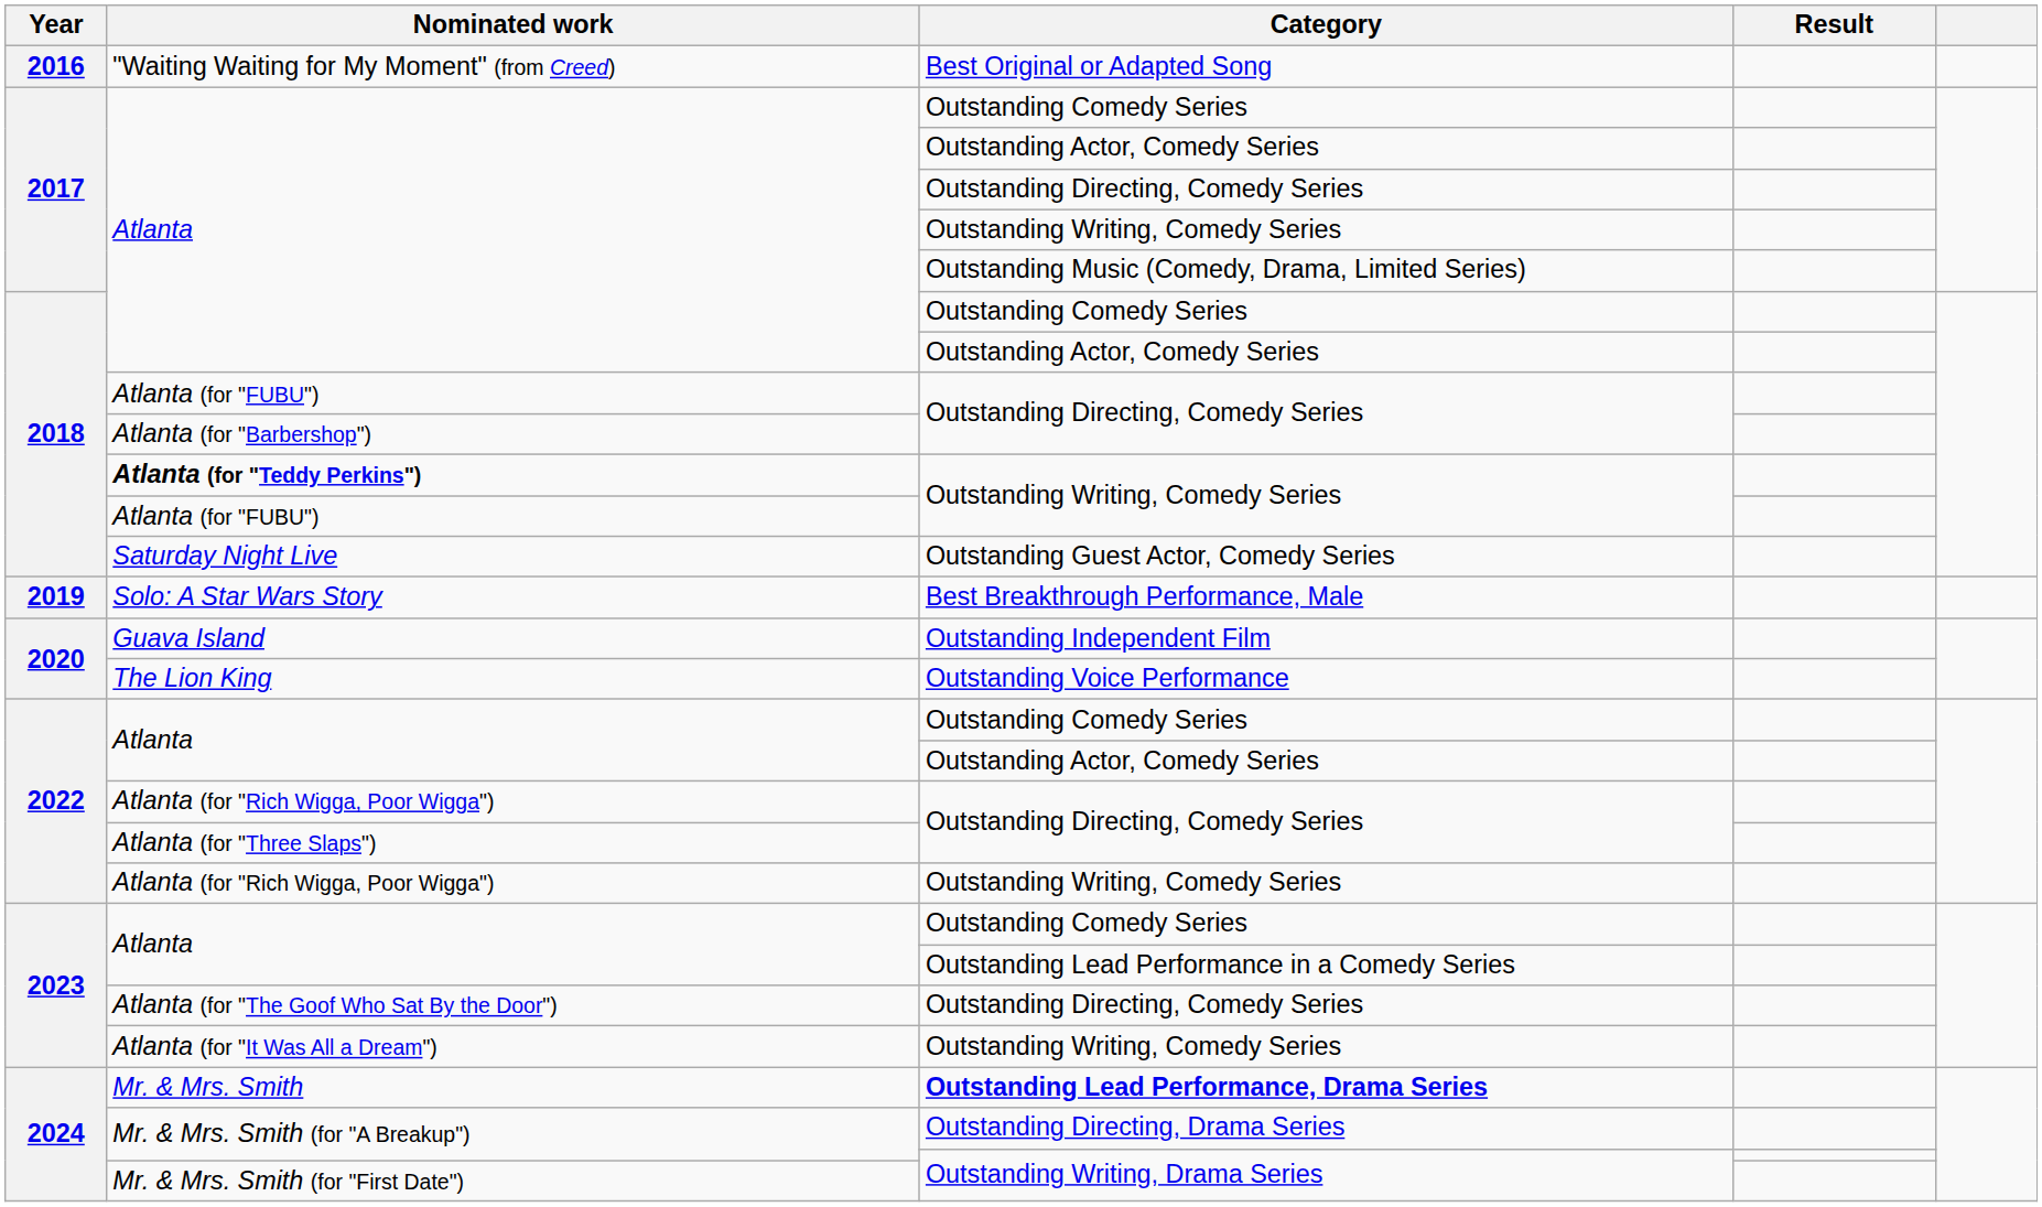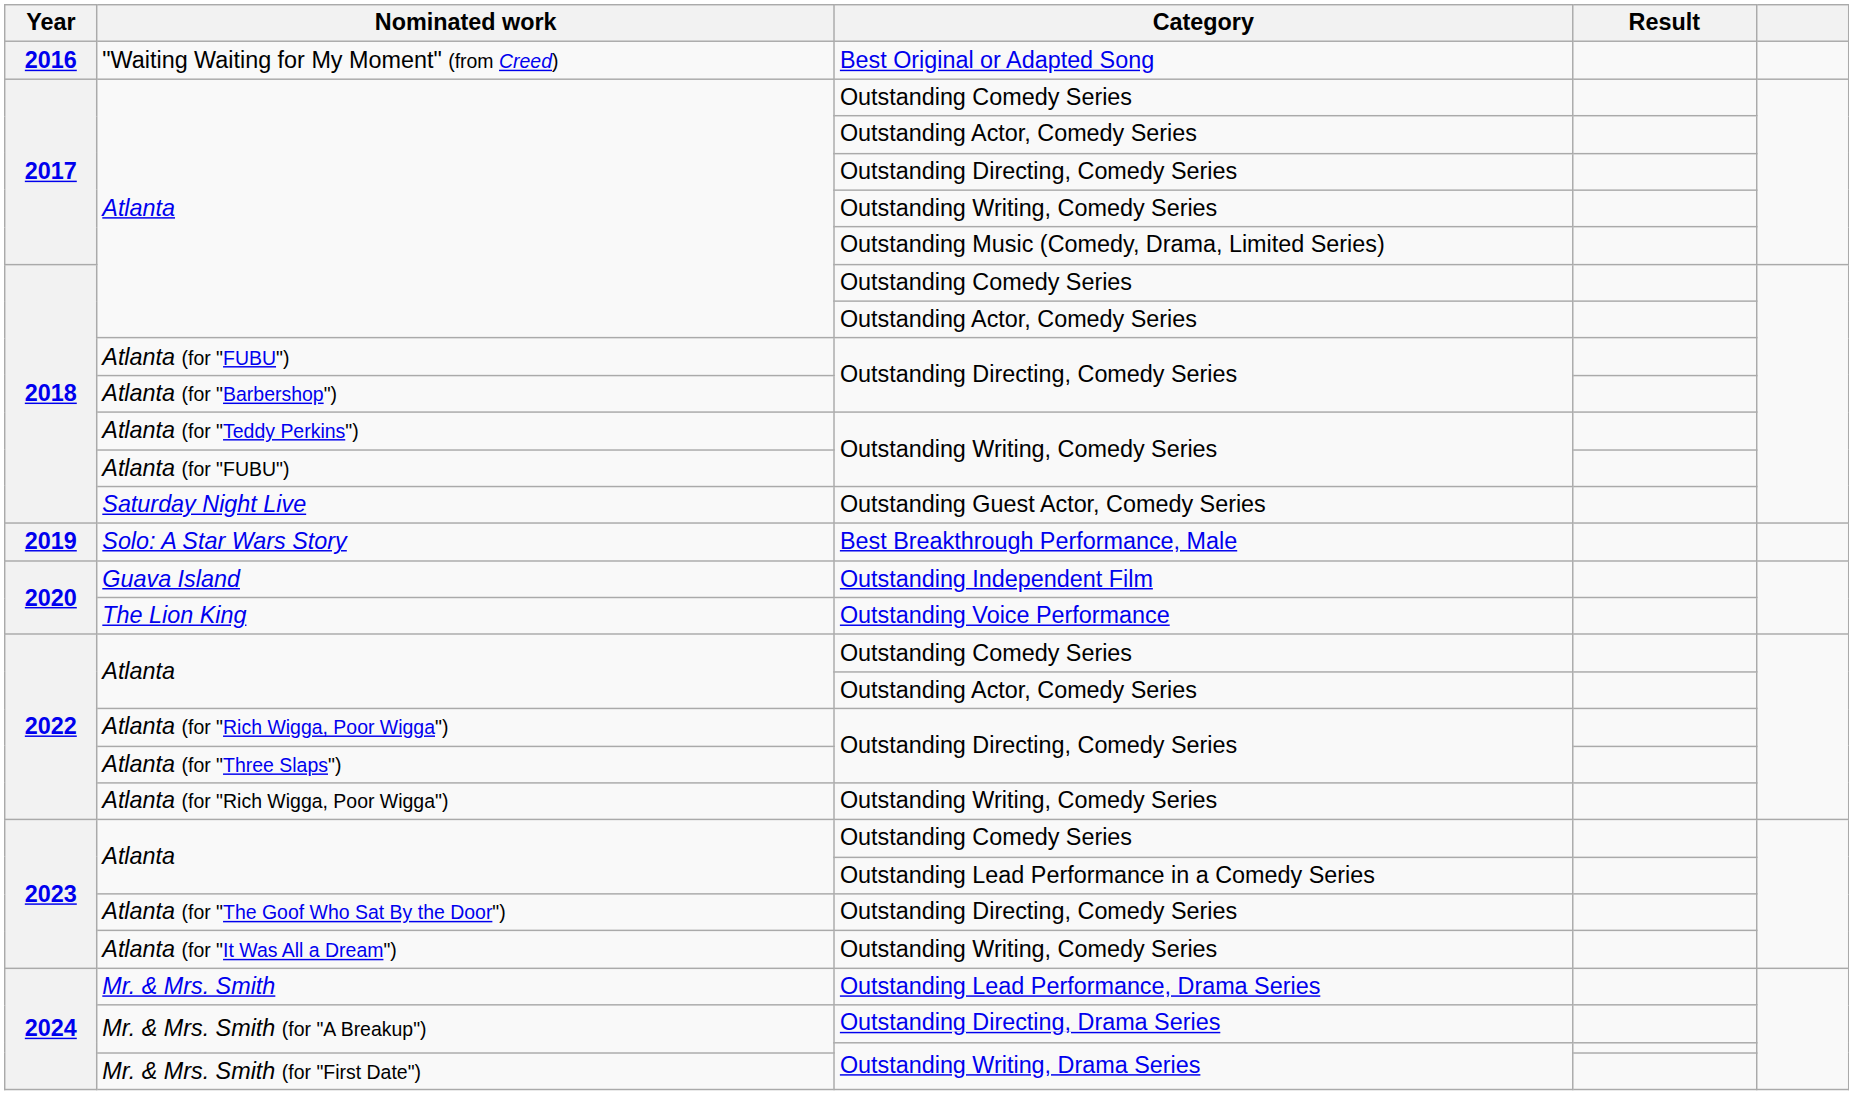 <table class="wikitable plainrowheaders" style="width:100%;">
 <tr>
 <th scope="col" style="width:5%;">Year</th>
 <th scope="col" style="width:40%;">Nominated work</th>
 <th scope="col" style="width:40%;">Category</th>
 <th scope="col" style="width:10%;">Result</th>
 <th scope="col" style="width:5%;"></th>
 </tr>
 <tr>
 <th scope="row" style="text-align:center;"><a href='#'>2016</a></th>
 <td>"Waiting Waiting for My Moment" <small>(from <em><a href='#'>Creed</a></em>)</small></td>
 <td><a href='#'>Best Original or Adapted Song</a></td>
 <td></td>
 <td style="text-align:center;"></td>
 </tr>
 <tr>
 <th scope="row" style="text-align:center;" rowspan=5><a href='#'>2017</a></th>
 <td rowspan=7><em><a href='#'>Atlanta</a></em></td>
 <td>Outstanding Comedy Series</td>
 <td></td>
 <td style="text-align:center;" rowspan=5></td>
 </tr>
 <tr>
 <td>Outstanding Actor, Comedy Series</td>
 <td></td>
 </tr>
 <tr>
 <td>Outstanding Directing, Comedy Series</td>
 <td></td>
 </tr>
 <tr>
 <td>Outstanding Writing, Comedy Series</td>
 <td></td>
 </tr>
 <tr>
 <td>Outstanding Music (Comedy, Drama, Limited Series)</td>
 <td></td>
 </tr>
 <tr>
 <th scope="row" style="text-align:center;" rowspan=7><a href='#'>2018</a></th>
 <td>Outstanding Comedy Series</td>
 <td></td>
 <td style="text-align:center;" rowspan=7></td>
 </tr>
 <tr>
 <td>Outstanding Actor, Comedy Series</td>
 <td></td>
 </tr>
 <tr>
 <td><em>Atlanta</em> <small>(for "<a href='#'>FUBU</a>")</small></td>
 <td rowspan=2>Outstanding Directing, Comedy Series</td>
 <td></td>
 </tr>
 <tr>
 <td><em>Atlanta</em> <small>(for "<a href='#'>Barbershop</a>")</small></td>
 <td></td>
 </tr>
 <tr>
-<td><strong><em>Atlanta</em> <small>(for "<a href='#'>Teddy Perkins</a>")</small></strong></td>
+<td><em>Atlanta</em> <small>(for "<a href='#'>Teddy Perkins</a>")</small></td>
 <td rowspan="2">Outstanding Writing, Comedy Series</td>
 <td></td>
 </tr>
 <tr>
 <td><em>Atlanta</em> <small>(for "FUBU")</small></td>
 <td></td>
 </tr>
 <tr>
 <td><em><a href='#'>Saturday Night Live</a></em></td>
 <td>Outstanding Guest Actor, Comedy Series</td>
 <td></td>
 </tr>
 <tr>
 <th scope="row" style="text-align:center;"><a href='#'>2019</a></th>
 <td><em><a href='#'>Solo: A Star Wars Story</a></em></td>
 <td><a href='#'>Best Breakthrough Performance, Male</a></td>
 <td></td>
 <td style="text-align:center;"></td>
 </tr>
 <tr>
 <th scope="row" style="text-align:center;" rowspan="2"><a href='#'>2020</a></th>
 <td><em><a href='#'>Guava Island</a></em></td>
 <td><a href='#'>Outstanding Independent Film</a></td>
 <td></td>
 <td style="text-align:center;" rowspan="2"></td>
 </tr>
 <tr>
 <td><em><a href='#'>The Lion King</a></em></td>
 <td><a href='#'>Outstanding Voice Performance</a></td>
 <td></td>
 </tr>
 <tr>
 <th scope="row" style="text-align:center;" rowspan="5"><a href='#'>2022</a></th>
 <td rowspan="2"><em>Atlanta</em></td>
 <td>Outstanding Comedy Series</td>
 <td></td>
 <td style="text-align:center;" rowspan="5"></td>
 </tr>
 <tr>
 <td>Outstanding Actor, Comedy Series</td>
 <td></td>
 </tr>
 <tr>
 <td><em>Atlanta</em> <small>(for "<a href='#'>Rich Wigga, Poor Wigga</a>")</small></td>
 <td rowspan="2">Outstanding Directing, Comedy Series</td>
 <td></td>
 </tr>
 <tr>
 <td><em>Atlanta</em> <small>(for "<a href='#'>Three Slaps</a>")</small></td>
 <td></td>
 </tr>
 <tr>
 <td><em>Atlanta</em> <small>(for "Rich Wigga, Poor Wigga")</small></td>
 <td>Outstanding Writing, Comedy Series</td>
 <td></td>
 </tr>
 <tr>
 <th scope="row" style="text-align:center;" rowspan="4"><a href='#'>2023</a></th>
 <td rowspan="2"><em>Atlanta</em></td>
 <td>Outstanding Comedy Series</td>
 <td></td>
 <td style="text-align:center;" rowspan="4"><br></td>
 </tr>
 <tr>
 <td>Outstanding Lead Performance in a Comedy Series</td>
 <td></td>
 </tr>
 <tr>
 <td><em>Atlanta</em> <small>(for "<a href='#'>The Goof Who Sat By the Door</a>")</small></td>
 <td>Outstanding Directing, Comedy Series</td>
 <td></td>
 </tr>
 <tr>
 <td><em>Atlanta</em> <small>(for "<a href='#'>It Was All a Dream</a>")</small></td>
 <td>Outstanding Writing, Comedy Series</td>
 <td></td>
 </tr>
 <tr>
 <th scope="row" style="text-align:center;" rowspan="4"><a href='#'>2024</a></th>
 <td><em><a href='#'>Mr. & Mrs. Smith</a></em></td>
-<td><strong><a href='#'>Outstanding Lead Performance, Drama Series</a></strong></td>
+<td><a href='#'>Outstanding Lead Performance, Drama Series</a></td>
 <td></td>
 <td style="text-align:center;" rowspan="4"></td>
 </tr>
 <tr>
 <td rowspan="2"><em>Mr. & Mrs. Smith</em> <small>(for "A Breakup")</small></td>
 <td><a href='#'>Outstanding Directing, Drama Series</a></td>
 <td></td>
 </tr>
 <tr>
 <td rowspan="2"><a href='#'>Outstanding Writing, Drama Series</a></td>
 <td></td>
 </tr>
 <tr>
 <td><em>Mr. & Mrs. Smith</em> <small>(for "First Date")</small></td>
 <td></td>
 </tr>
 </table>
